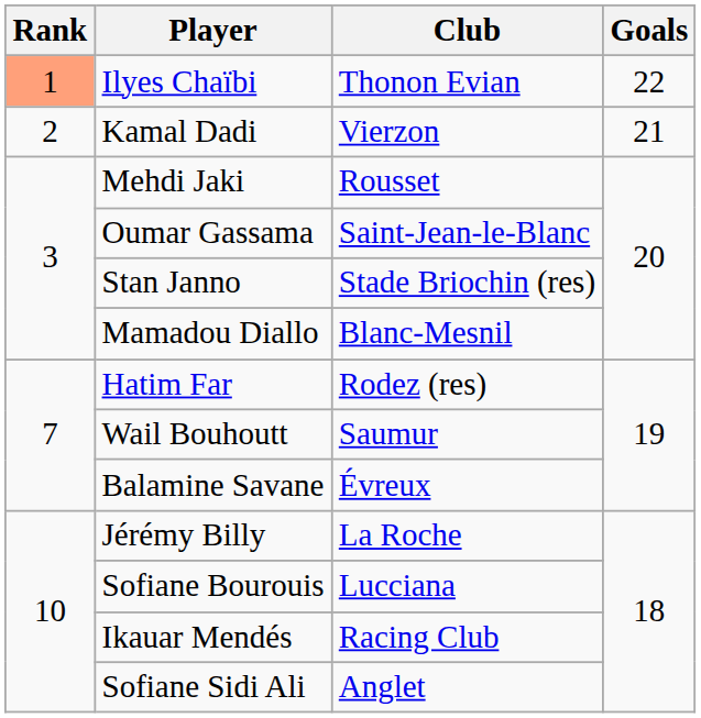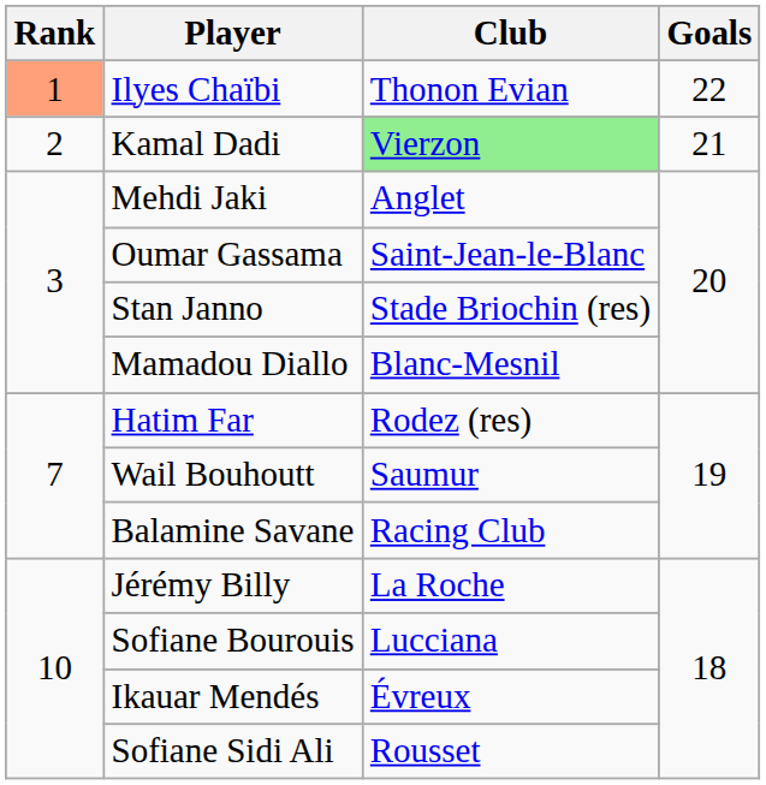 <table class="wikitable" style="text-align:center">
 <tr>
 <th>Rank</th>
 <th>Player</th>
 <th>Club</th>
 <th>Goals</th>
 </tr>
 <tr>
 <td style="background: lightsalmon;">1</td>
 <td align=left> <a href='#'>Ilyes Chaïbi</a></td>
 <td align=left><a href='#'>Thonon Evian</a></td>
 <td>22</td>
 </tr>
 <tr>
 <td>2</td>
 <td align=left> Kamal Dadi</td>
-<td align=left><a href='#'>Vierzon</a></td>
+<td align=left style="background: lightgreen;"><a href='#'>Vierzon</a></td>
 <td>21</td>
 </tr>
 <tr>
 <td rowspan=4>3</td>
 <td align=left> Mehdi Jaki</td>
-<td align=left><a href='#'>Rousset</a></td>
+<td align=left><a href='#'>Anglet</a></td>
 <td rowspan=4>20</td>
 </tr>
 <tr>
 <td align=left> Oumar Gassama</td>
 <td align=left><a href='#'>Saint-Jean-le-Blanc</a></td>
 </tr>
 <tr>
 <td align=left> Stan Janno</td>
 <td align=left><a href='#'>Stade Briochin</a> (res)</td>
 </tr>
 <tr>
 <td align=left> Mamadou Diallo</td>
 <td align=left><a href='#'>Blanc-Mesnil</a></td>
 </tr>
 <tr>
 <td rowspan=3>7</td>
 <td align=left> <a href='#'>Hatim Far</a></td>
 <td align=left><a href='#'>Rodez</a> (res)</td>
 <td rowspan=3>19</td>
 </tr>
 <tr>
 <td align=left> Wail Bouhoutt</td>
 <td align=left><a href='#'>Saumur</a></td>
 </tr>
 <tr>
 <td align=left> Balamine Savane</td>
-<td align=left><a href='#'>Évreux</a></td>
+<td align=left><a href='#'>Racing Club</a></td>
 </tr>
 <tr>
 <td rowspan=6>10</td>
 <td align=left> Jérémy Billy</td>
 <td align=left><a href='#'>La Roche</a></td>
 <td rowspan=6>18</td>
 </tr>
 <tr>
 <td align=left> Sofiane Bourouis</td>
 <td align=left><a href='#'>Lucciana</a></td>
 </tr>
 <tr>
 <td align=left> Ikauar Mendés</td>
-<td align=left><a href='#'>Racing Club</a></td>
+<td align=left><a href='#'>Évreux</a></td>
 </tr>
 <tr>
 <td align=left> Sofiane Sidi Ali</td>
-<td align=left><a href='#'>Anglet</a></td>
+<td align=left><a href='#'>Rousset</a></td>
 </tr>
 </table>
